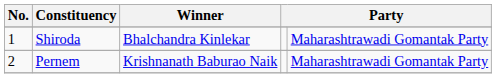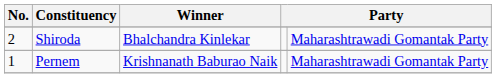 <table class="wikitable sortable" border="1">
 <tr>
 <th>No.</th>
 <th>Constituency</th>
 <th>Winner</th>
 <th colspan="2">Party</th>
 </tr>
 <tr>
 </tr>
 <tr>
-<td>1</td>
+<td>2</td>
 <td><a href='#'>Shiroda</a></td>
 <td><a href='#'>Bhalchandra Kinlekar</a></td>
 <td></td>
 <td><a href='#'>Maharashtrawadi Gomantak Party</a></td>
 </tr>
 <tr>
 </tr>
 <tr>
-<td>2</td>
+<td>1</td>
 <td><a href='#'>Pernem</a></td>
 <td><a href='#'>Krishnanath Baburao Naik</a></td>
 <td></td>
 <td><a href='#'>Maharashtrawadi Gomantak Party</a></td>
 </tr>
 <tr>
 </tr>
 </table>
